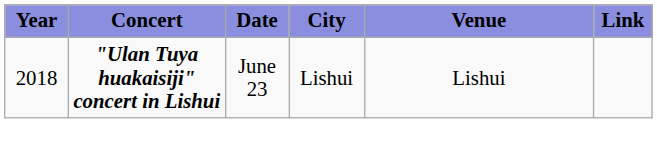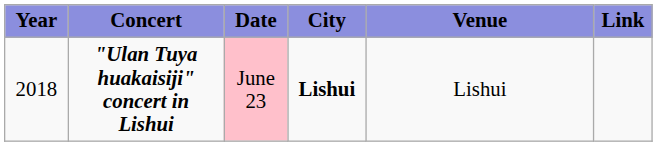 <table class="wikitable sortable mw-collapsible" width="80%" style="text-align:center">
 <tr align="center" style="background:#8B8EDE">
 <td style="width:2%"><strong>Year</strong></td>
 <td style="width:8%"><strong>Concert</strong></td>
 <td style="width:2%"><strong>Date</strong></td>
 <td style="width:2%"><strong>City</strong></td>
 <td style="width:18%"><strong>Venue</strong></td>
 <td style="width:1%"><strong>Link</strong></td>
 </tr>
 <tr>
 <td rowspan="2">2018</td>
 <td rowspan="2"><strong><em>"Ulan Tuya huakaisiji" concert in Lishui</em></strong></td>
-<td>June 23</td>
-<td>Lishui</td>
+<td style="background: pink;">June 23</td>
+<td><strong>Lishui</strong></td>
 <td>Lishui</td>
 <td></td>
 </tr>
 </table>
